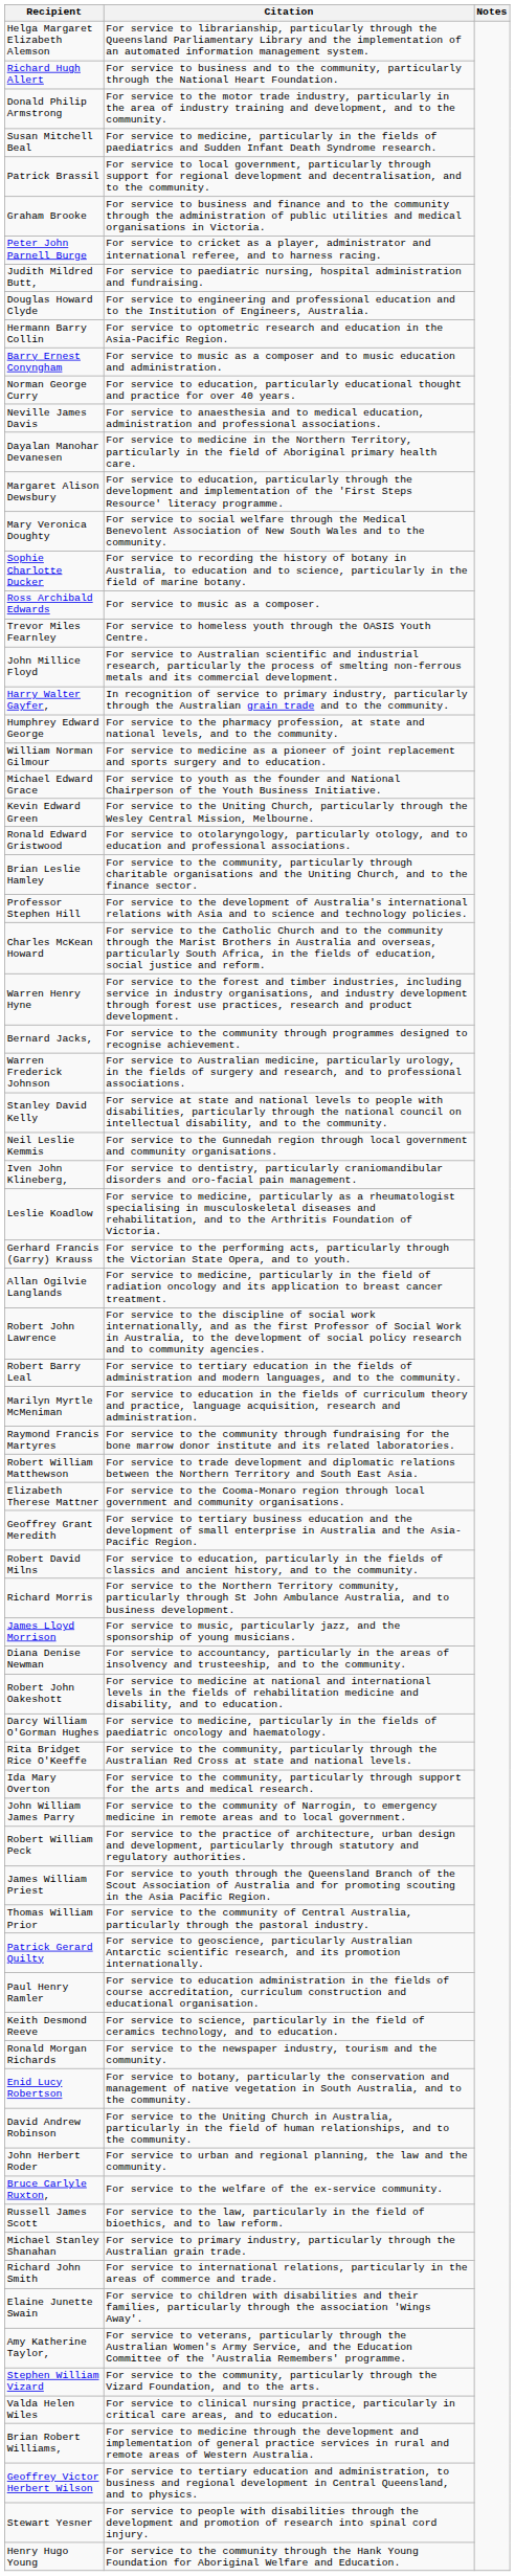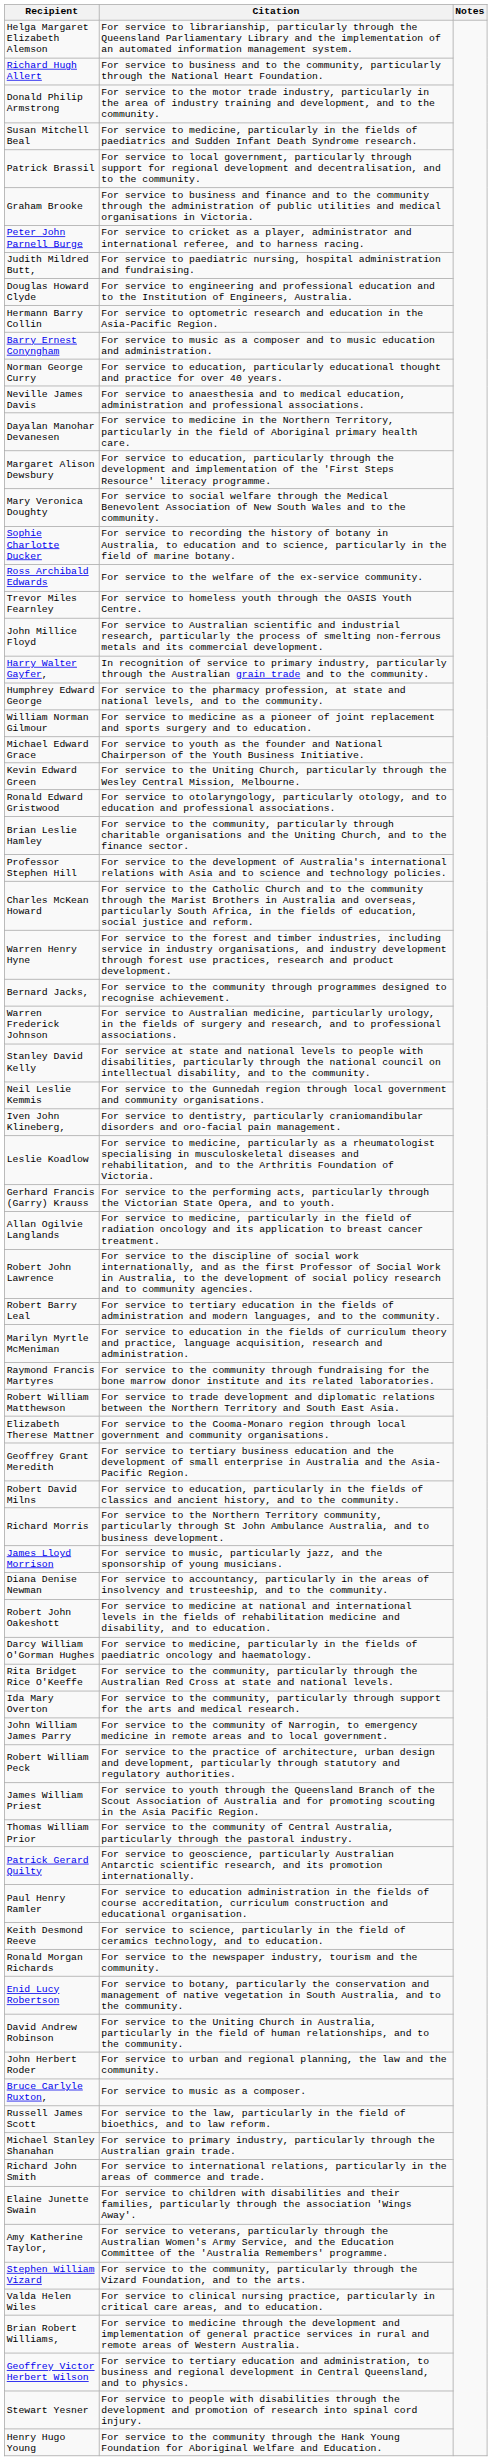 <table class="wikitable" style="font-size:95%;">
 <tr>
 <th>Recipient</th>
 <th>Citation</th>
 <th>Notes</th>
 </tr>
 <tr>
 <td>Helga Margaret Elizabeth Alemson</td>
 <td>For service to librarianship, particularly through the Queensland Parliamentary Library and the implementation of an automated information management system.</td>
 <td rowspan=76></td>
 </tr>
 <tr>
 <td><a href='#'>Richard Hugh Allert</a></td>
 <td>For service to business and to the community, particularly through the National Heart Foundation.</td>
 </tr>
 <tr>
 <td>Donald Philip Armstrong</td>
 <td>For service to the motor trade industry, particularly in the area of industry training and development, and to the community.</td>
 </tr>
 <tr>
 <td> Susan Mitchell Beal</td>
 <td>For service to medicine, particularly in the fields of paediatrics and Sudden Infant Death Syndrome research.</td>
 </tr>
 <tr>
 <td>Patrick Brassil</td>
 <td>For service to local government, particularly through support for regional development and decentralisation, and to the community.</td>
 </tr>
 <tr>
 <td>Graham Brooke</td>
 <td>For service to business and finance and to the community through the administration of public utilities and medical organisations in Victoria.</td>
 </tr>
 <tr>
 <td><a href='#'>Peter John Parnell Burge</a></td>
 <td>For service to cricket as a player, administrator and international referee, and to harness racing.</td>
 </tr>
 <tr>
 <td>Judith Mildred Butt, </td>
 <td>For service to paediatric nursing, hospital administration and fundraising.</td>
 </tr>
 <tr>
 <td> Douglas Howard Clyde</td>
 <td>For service to engineering and professional education and to the Institution of Engineers, Australia.</td>
 </tr>
 <tr>
 <td> Hermann Barry Collin</td>
 <td>For service to optometric research and education in the Asia-Pacific Region.</td>
 </tr>
 <tr>
 <td> <a href='#'>Barry Ernest Conyngham</a></td>
 <td>For service to music as a composer and to music education and administration.</td>
 </tr>
 <tr>
 <td> Norman George Curry</td>
 <td>For service to education, particularly educational thought and practice for over 40 years.</td>
 </tr>
 <tr>
 <td> Neville James Davis</td>
 <td>For service to anaesthesia and to medical education, administration and professional associations.</td>
 </tr>
 <tr>
 <td> Dayalan Manohar Devanesen</td>
 <td>For service to medicine in the Northern Territory, particularly in the field of Aboriginal primary health care.</td>
 </tr>
 <tr>
 <td>Margaret Alison Dewsbury</td>
 <td>For service to education, particularly through the development and implementation of the 'First Steps Resource' literacy programme.</td>
 </tr>
 <tr>
 <td>Mary Veronica Doughty</td>
 <td>For service to social welfare through the Medical Benevolent Association of New South Wales and to the community.</td>
 </tr>
 <tr>
 <td> <a href='#'>Sophie Charlotte Ducker</a></td>
 <td>For service to recording the history of botany in Australia, to education and to science, particularly in the field of marine botany.</td>
 </tr>
 <tr>
 <td> <a href='#'>Ross Archibald Edwards</a></td>
-<td>For service to music as a composer.</td>
+<td>For service to the welfare of the ex-service community.</td>
 </tr>
 <tr>
 <td>Trevor Miles Fearnley</td>
 <td>For service to homeless youth through the OASIS Youth Centre.</td>
 </tr>
 <tr>
 <td> John Millice Floyd</td>
 <td>For service to Australian scientific and industrial research, particularly the process of smelting non-ferrous metals and its commercial development.</td>
 </tr>
 <tr>
 <td> <a href='#'>Harry Walter Gayfer</a>, </td>
 <td>In recognition of service to primary industry, particularly through the Australian <a href='#'>grain trade</a> and to the community.</td>
 </tr>
 <tr>
 <td>Humphrey Edward George</td>
 <td>For service to the pharmacy profession, at state and national levels, and to the community.</td>
 </tr>
 <tr>
 <td>William Norman Gilmour</td>
 <td>For service to medicine as a pioneer of joint replacement and sports surgery and to education.</td>
 </tr>
 <tr>
 <td>Michael Edward Grace</td>
 <td>For service to youth as the founder and National Chairperson of the Youth Business Initiative.</td>
 </tr>
 <tr>
 <td> Kevin Edward Green</td>
 <td>For service to the Uniting Church, particularly through the Wesley Central Mission, Melbourne.</td>
 </tr>
 <tr>
 <td>Ronald Edward Gristwood</td>
 <td>For service to otolaryngology, particularly otology, and to education and professional associations.</td>
 </tr>
 <tr>
 <td>Brian Leslie Hamley</td>
 <td>For service to the community, particularly through charitable organisations and the Uniting Church, and to the finance sector.</td>
 </tr>
 <tr>
 <td>Professor Stephen Hill</td>
 <td>For service to the development of Australia's international relations with Asia and to science and technology policies.</td>
 </tr>
 <tr>
 <td> Charles McKean Howard</td>
 <td>For service to the Catholic Church and to the community through the Marist Brothers in Australia and overseas, particularly South Africa, in the fields of education, social justice and reform.</td>
 </tr>
 <tr>
 <td>Warren Henry Hyne</td>
 <td>For service to the forest and timber industries, including service in industry organisations, and industry development through forest use practices, research and product development.</td>
 </tr>
 <tr>
 <td>Bernard Jacks, </td>
 <td>For service to the community through programmes designed to recognise achievement.</td>
 </tr>
 <tr>
 <td>Warren Frederick Johnson</td>
 <td>For service to Australian medicine, particularly urology, in the fields of surgery and research, and to professional associations.</td>
 </tr>
 <tr>
 <td>Stanley David Kelly</td>
 <td>For service at state and national levels to people with disabilities, particularly through the national council on intellectual disability, and to the community.</td>
 </tr>
 <tr>
 <td>Neil Leslie Kemmis</td>
 <td>For service to the Gunnedah region through local government and community organisations.</td>
 </tr>
 <tr>
 <td> Iven John Klineberg, </td>
 <td>For service to dentistry, particularly craniomandibular disorders and oro-facial pain management.</td>
 </tr>
 <tr>
 <td> Leslie Koadlow</td>
 <td>For service to medicine, particularly as a rheumatologist specialising in musculoskeletal diseases and rehabilitation, and to the Arthritis Foundation of Victoria.</td>
 </tr>
 <tr>
 <td>Gerhard Francis (Garry) Krauss</td>
 <td>For service to the performing acts, particularly through the Victorian State Opera, and to youth.</td>
 </tr>
 <tr>
 <td> Allan Ogilvie Langlands</td>
 <td>For service to medicine, particularly in the field of radiation oncology and its application to breast cancer treatment.</td>
 </tr>
 <tr>
 <td> Robert John Lawrence</td>
 <td>For service to the discipline of social work internationally, and as the first Professor of Social Work in Australia, to the development of social policy research and to community agencies.</td>
 </tr>
 <tr>
 <td> Robert Barry Leal</td>
 <td>For service to tertiary education in the fields of administration and modern languages, and to the community.</td>
 </tr>
 <tr>
 <td> Marilyn Myrtle McMeniman</td>
 <td>For service to education in the fields of curriculum theory and practice, language acquisition, research and administration.</td>
 </tr>
 <tr>
 <td> Raymond Francis Martyres</td>
 <td>For service to the community through fundraising for the bone marrow donor institute and its related laboratories.</td>
 </tr>
 <tr>
 <td>Robert William Matthewson</td>
 <td>For service to trade development and diplomatic relations between the Northern Territory and South East Asia.</td>
 </tr>
 <tr>
 <td>Elizabeth Therese Mattner</td>
 <td>For service to the Cooma-Monaro region through local government and community organisations.</td>
 </tr>
 <tr>
 <td> Geoffrey Grant Meredith</td>
 <td>For service to tertiary business education and the development of small enterprise in Australia and the Asia-Pacific Region.</td>
 </tr>
 <tr>
 <td> Robert David Milns</td>
 <td>For service to education, particularly in the fields of classics and ancient history, and to the community.</td>
 </tr>
 <tr>
 <td>Richard Morris</td>
 <td>For service to the Northern Territory community, particularly through St John Ambulance Australia, and to business development.</td>
 </tr>
 <tr>
 <td><a href='#'>James Lloyd Morrison</a></td>
 <td>For service to music, particularly jazz, and the sponsorship of young musicians.</td>
 </tr>
 <tr>
 <td>Diana Denise Newman</td>
 <td>For service to accountancy, particularly in the areas of insolvency and trusteeship, and to the community.</td>
 </tr>
 <tr>
 <td> Robert John Oakeshott</td>
 <td>For service to medicine at national and international levels in the fields of rehabilitation medicine and disability, and to education.</td>
 </tr>
 <tr>
 <td> Darcy William O'Gorman Hughes</td>
 <td>For service to medicine, particularly in the fields of paediatric oncology and haematology.</td>
 </tr>
 <tr>
 <td>Rita Bridget Rice O'Keeffe</td>
 <td>For service to the community, particularly through the Australian Red Cross at state and national levels.</td>
 </tr>
 <tr>
 <td>Ida Mary Overton</td>
 <td>For service to the community, particularly through support for the arts and medical research.</td>
 </tr>
 <tr>
 <td> John William James Parry</td>
 <td>For service to the community of Narrogin, to emergency medicine in remote areas and to local government.</td>
 </tr>
 <tr>
 <td>Robert William Peck</td>
 <td>For service to the practice of architecture, urban design and development, particularly through statutory and regulatory authorities.</td>
 </tr>
 <tr>
 <td>James William Priest</td>
 <td>For service to youth through the Queensland Branch of the Scout Association of Australia and for promoting scouting in the Asia Pacific Region.</td>
 </tr>
 <tr>
 <td>Thomas William Prior</td>
 <td>For service to the community of Central Australia, particularly through the pastoral industry.</td>
 </tr>
 <tr>
 <td> <a href='#'>Patrick Gerard Quilty</a></td>
 <td>For service to geoscience, particularly Australian Antarctic scientific research, and its promotion internationally.</td>
 </tr>
 <tr>
 <td>Paul Henry Ramler</td>
 <td>For service to education administration in the fields of course accreditation, curriculum construction and educational organisation.</td>
 </tr>
 <tr>
 <td> Keith Desmond Reeve</td>
 <td>For service to science, particularly in the field of ceramics technology, and to education.</td>
 </tr>
 <tr>
 <td>Ronald Morgan Richards</td>
 <td>For service to the newspaper industry, tourism and the community.</td>
 </tr>
 <tr>
 <td><a href='#'>Enid Lucy Robertson</a></td>
 <td>For service to botany, particularly the conservation and management of native vegetation in South Australia, and to the community.</td>
 </tr>
 <tr>
 <td> David Andrew Robinson</td>
 <td>For service to the Uniting Church in Australia, particularly in the field of human relationships, and to the community.</td>
 </tr>
 <tr>
 <td> John Herbert Roder</td>
 <td>For service to urban and regional planning, the law and the community.</td>
 </tr>
 <tr>
 <td><a href='#'>Bruce Carlyle Ruxton</a>, </td>
-<td>For service to the welfare of the ex-service community.</td>
+<td>For service to music as a composer.</td>
 </tr>
 <tr>
 <td>Russell James Scott</td>
 <td>For service to the law, particularly in the field of bioethics, and to law reform.</td>
 </tr>
 <tr>
 <td>Michael Stanley Shanahan</td>
 <td>For service to primary industry, particularly through the Australian grain trade.</td>
 </tr>
 <tr>
 <td>Richard John Smith</td>
 <td>For service to international relations, particularly in the areas of commerce and trade.</td>
 </tr>
 <tr>
 <td>Elaine Junette Swain</td>
 <td>For service to children with disabilities and their families, particularly through the association 'Wings Away'.</td>
 </tr>
 <tr>
 <td>Amy Katherine Taylor, </td>
 <td>For service to veterans, particularly through the Australian Women's Army Service, and the Education Committee of the 'Australia Remembers' programme.</td>
 </tr>
 <tr>
 <td><a href='#'>Stephen William Vizard</a></td>
 <td>For service to the community, particularly through the Vizard Foundation, and to the arts.</td>
 </tr>
 <tr>
 <td>Valda Helen Wiles</td>
 <td>For service to clinical nursing practice, particularly in critical care areas, and to education.</td>
 </tr>
 <tr>
 <td> Brian Robert Williams, </td>
 <td>For service to medicine through the development and implementation of general practice services in rural and remote areas of Western Australia.</td>
 </tr>
 <tr>
 <td> <a href='#'>Geoffrey Victor Herbert Wilson</a></td>
 <td>For service to tertiary education and administration, to business and regional development in Central Queensland, and to physics.</td>
 </tr>
 <tr>
 <td>Stewart Yesner</td>
 <td>For service to people with disabilities through the development and promotion of research into spinal cord injury.</td>
 </tr>
 <tr>
 <td>Henry Hugo Young</td>
 <td>For service to the community through the Hank Young Foundation for Aboriginal Welfare and Education.</td>
 </tr>
 </table>
